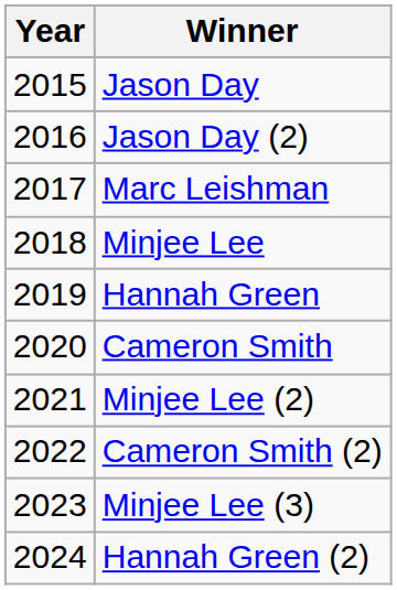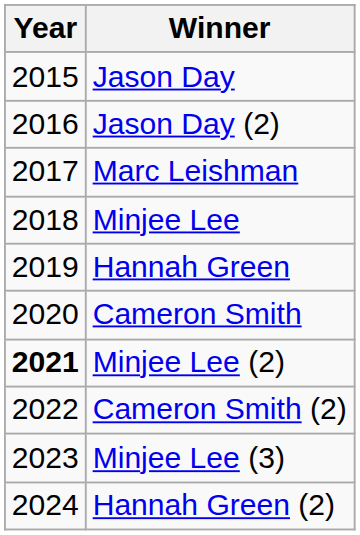 <table class="wikitable">
 <tr>
 <th>Year</th>
 <th>Winner</th>
 </tr>
 <tr>
 <td>2015</td>
 <td><a href='#'>Jason Day</a></td>
 </tr>
 <tr>
 <td>2016</td>
 <td><a href='#'>Jason Day</a> (2) </td>
 </tr>
 <tr>
 <td>2017</td>
 <td><a href='#'>Marc Leishman</a></td>
 </tr>
 <tr>
 <td>2018</td>
 <td><a href='#'>Minjee Lee</a></td>
 </tr>
 <tr>
 <td>2019</td>
 <td><a href='#'>Hannah Green</a></td>
 </tr>
 <tr>
 <td>2020</td>
 <td><a href='#'>Cameron Smith</a></td>
 </tr>
 <tr>
-<td>2021</td>
+<td><strong>2021</strong></td>
 <td><a href='#'>Minjee Lee</a> (2) </td>
 </tr>
 <tr>
 <td>2022</td>
 <td><a href='#'>Cameron Smith</a> (2) </td>
 </tr>
 <tr>
 <td>2023</td>
 <td><a href='#'>Minjee Lee</a> (3) </td>
 </tr>
 <tr>
 <td>2024</td>
 <td><a href='#'>Hannah Green</a> (2) </td>
 </tr>
 </table>
